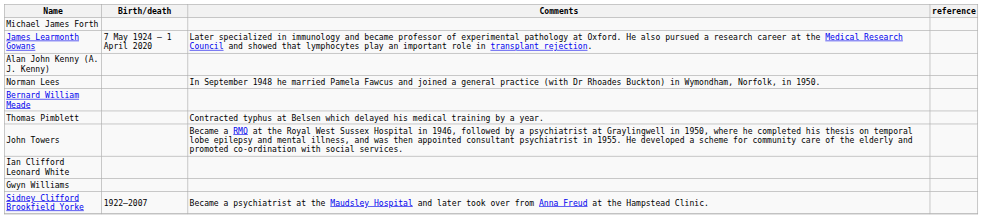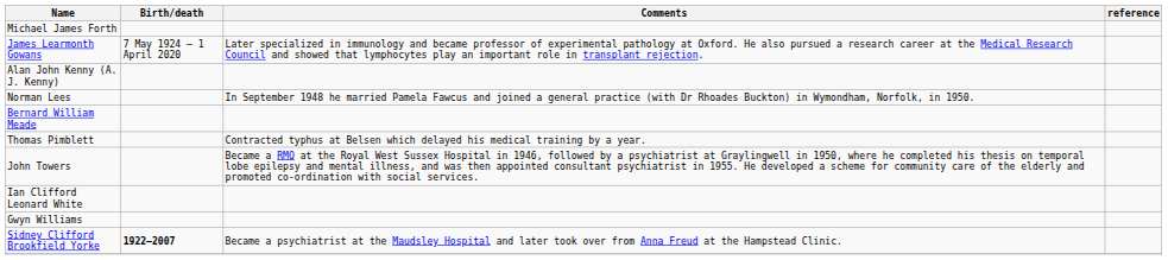 <table class="wikitable">
 <tr>
 <th>Name</th>
 <th>Birth/death</th>
 <th>Comments</th>
 <th>reference</th>
 </tr>
 <tr>
 <td>Michael James Forth</td>
 <td></td>
 <td></td>
 <td></td>
 </tr>
 <tr>
 <td><a href='#'>James Learmonth Gowans</a></td>
 <td>7 May 1924 – 1 April 2020</td>
 <td>Later specialized in immunology and became professor of experimental pathology at Oxford. He also pursued a research career at the <a href='#'>Medical Research Council</a> and showed that lymphocytes play an important role in <a href='#'>transplant rejection</a>.</td>
 <td></td>
 </tr>
 <tr>
 <td>Alan John Kenny (A. J. Kenny)</td>
 <td></td>
 <td></td>
 <td></td>
 </tr>
 <tr>
 <td>Norman Lees</td>
 <td></td>
 <td>In September 1948 he married Pamela Fawcus and joined a general practice (with Dr Rhoades Buckton) in Wymondham, Norfolk, in 1950.</td>
 <td></td>
 </tr>
 <tr>
 <td><a href='#'>Bernard William Meade</a></td>
 <td></td>
 <td></td>
 <td></td>
 </tr>
 <tr>
 <td>Thomas Pimblett</td>
 <td></td>
 <td>Contracted typhus at Belsen which delayed his medical training by a year.</td>
 <td></td>
 </tr>
 <tr>
 <td>John Towers</td>
 <td></td>
 <td>Became a <a href='#'>RMO</a> at the Royal West Sussex Hospital in 1946, followed  by a psychiatrist at Graylingwell in 1950, where he completed his thesis on temporal lobe epilepsy and mental illness, and was then appointed consultant psychiatrist in 1955. He developed a scheme for community care of the elderly and promoted co-ordination with social services.</td>
 <td></td>
 </tr>
 <tr>
 <td>Ian Clifford Leonard White</td>
 <td></td>
 <td></td>
 <td></td>
 </tr>
 <tr>
 <td>Gwyn Williams</td>
 <td></td>
 <td></td>
 <td></td>
 </tr>
 <tr>
 <td><a href='#'>Sidney Clifford Brookfield Yorke</a></td>
-<td>1922–2007</td>
+<td><strong>1922–2007</strong></td>
 <td>Became a psychiatrist at the <a href='#'>Maudsley Hospital</a> and later took over from <a href='#'>Anna Freud</a> at the Hampstead Clinic.</td>
 <td></td>
 </tr>
 <tr>
 </tr>
 </table>
